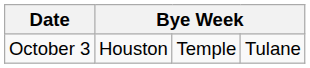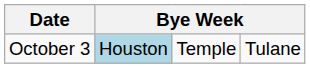 <table class="wikitable" style="font-size:95%;">
 <tr>
 <th>Date</th>
 <th colspan="4">Bye Week</th>
 </tr>
 <tr>
 <td>October 3</td>
-<td>Houston</td>
+<td style="background: lightblue;">Houston</td>
 <td>Temple</td>
 <td>Tulane</td>
 </tr>
 </table>
